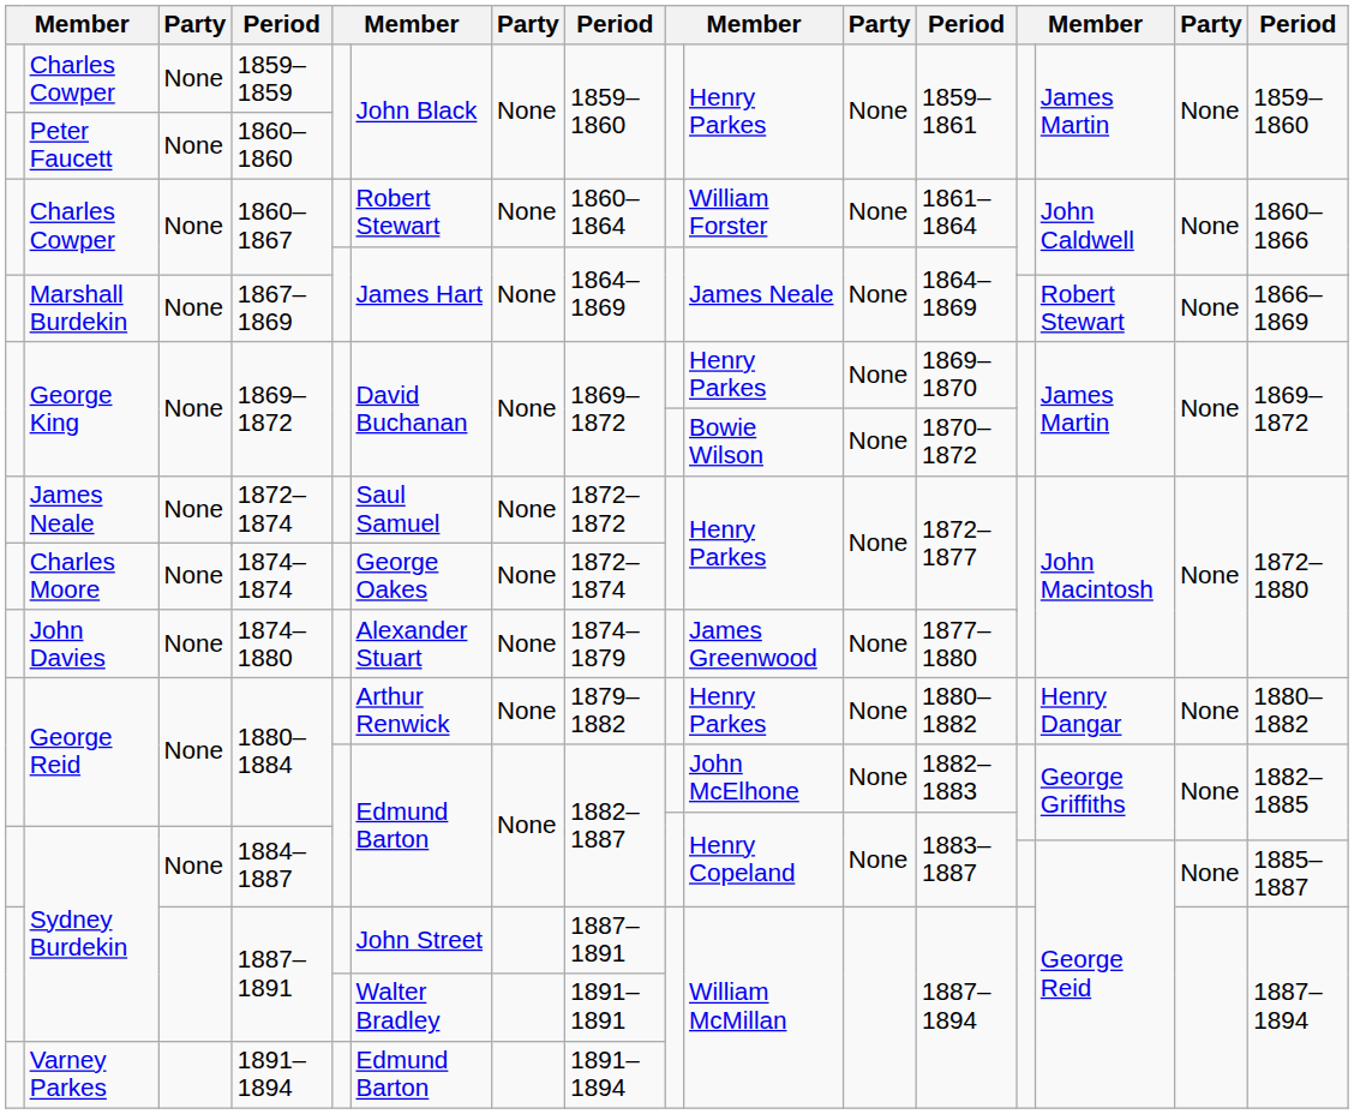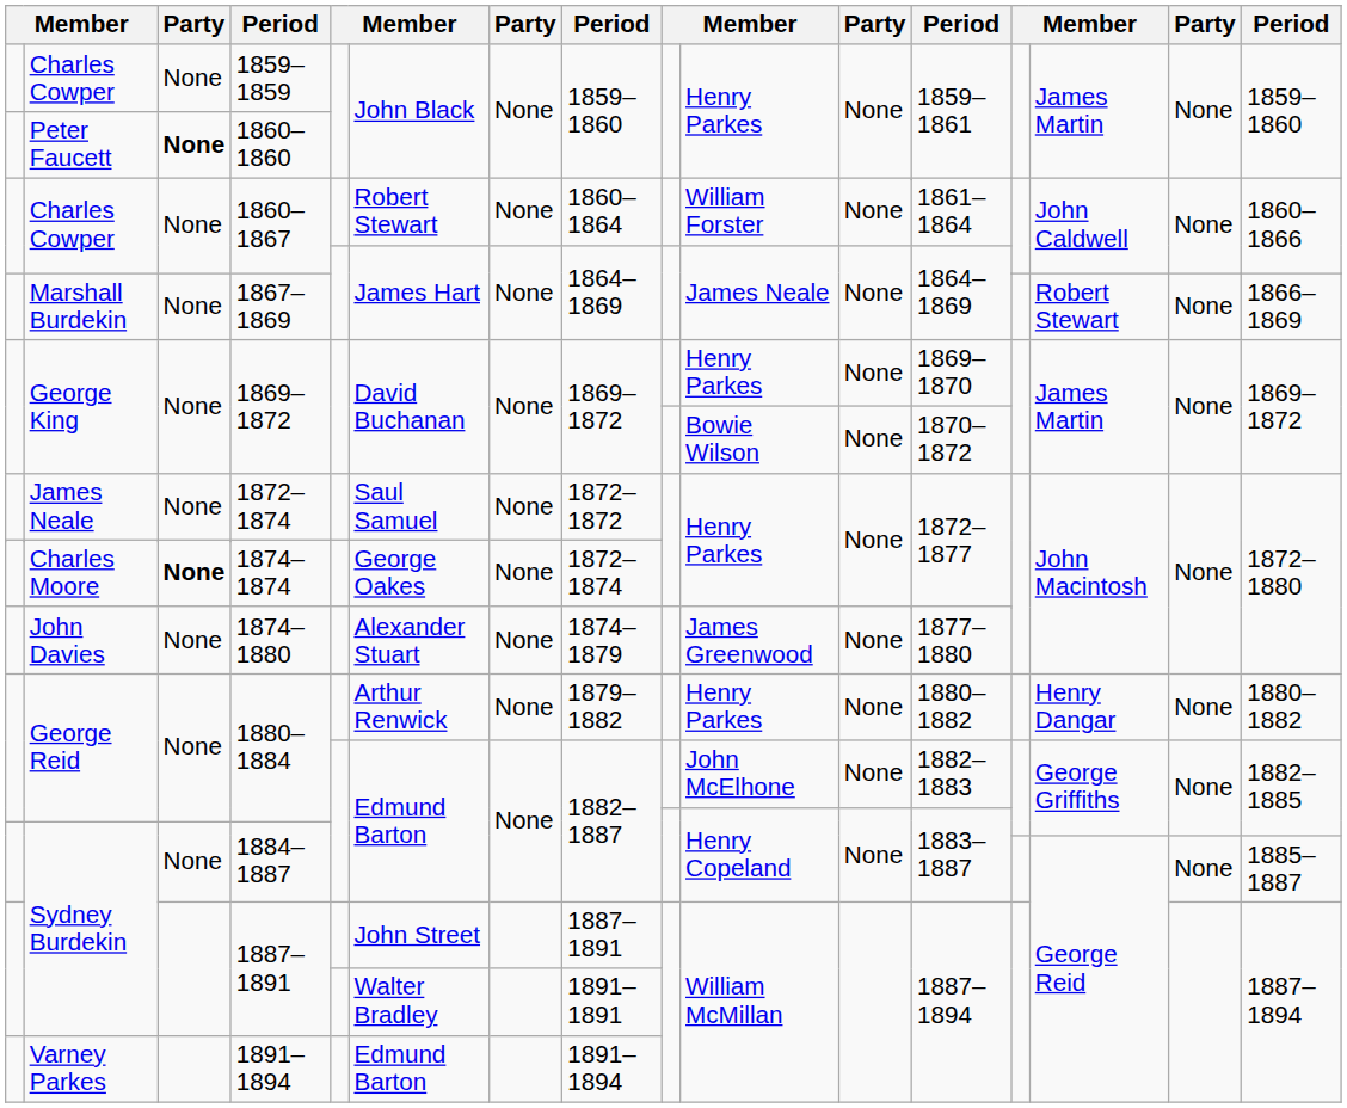 <table class="wikitable">
 <tr>
 <th colspan="2">Member</th>
 <th>Party</th>
 <th>Period</th>
 <th colspan="2">Member</th>
 <th>Party</th>
 <th>Period</th>
 <th colspan="2">Member</th>
 <th>Party</th>
 <th>Period</th>
 <th colspan="2">Member</th>
 <th>Party</th>
 <th>Period</th>
 </tr>
 <tr>
 <td> </td>
 <td><a href='#'>Charles Cowper</a></td>
 <td>None</td>
 <td>1859–1859</td>
 <td rowspan="2" > </td>
 <td rowspan="2"><a href='#'>John Black</a></td>
 <td rowspan="2">None</td>
 <td rowspan="2">1859–1860</td>
 <td rowspan="3" > </td>
 <td rowspan="3"><a href='#'>Henry Parkes</a></td>
 <td rowspan="3">None</td>
 <td rowspan="3">1859–1861</td>
 <td rowspan="2" > </td>
 <td rowspan="2"><a href='#'>James Martin</a></td>
 <td rowspan="2">None</td>
 <td rowspan="2">1859–1860</td>
 </tr>
 <tr>
 <td> </td>
 <td><a href='#'>Peter Faucett</a></td>
-<td>None</td>
+<td><strong>None</strong></td>
 <td>1860–1860</td>
 </tr>
 <tr>
 <td rowspan="4" > </td>
 <td rowspan="4"><a href='#'>Charles Cowper</a></td>
 <td rowspan="4">None</td>
 <td rowspan="4">1860–1867</td>
 <td rowspan="2" ><br> </td>
 <td rowspan="2"><a href='#'>Robert Stewart</a></td>
 <td rowspan="2">None</td>
 <td rowspan="2">1860–1864</td>
 <td rowspan="3" ><br><br> </td>
 <td rowspan="3"><a href='#'>John Caldwell</a></td>
 <td rowspan="3">None</td>
 <td rowspan="3">1860–1866</td>
 </tr>
 <tr>
 <td> </td>
 <td><a href='#'>William Forster</a></td>
 <td>None</td>
 <td>1861–1864</td>
 </tr>
 <tr>
 <td rowspan="3" ><br><br> </td>
 <td rowspan="3"><a href='#'>James Hart</a></td>
 <td rowspan="3">None</td>
 <td rowspan="3">1864–1869</td>
 <td rowspan="3" > </td>
 <td rowspan="3"><a href='#'>James Neale</a></td>
 <td rowspan="3">None</td>
 <td rowspan="3">1864–1869</td>
 </tr>
 <tr>
 <td rowspan="2" ><br> </td>
 <td rowspan="2"><a href='#'>Robert Stewart</a></td>
 <td rowspan="2">None</td>
 <td rowspan="2">1866–1869</td>
 </tr>
 <tr>
 <td> </td>
 <td><a href='#'>Marshall Burdekin</a></td>
 <td>None</td>
 <td>1867–1869</td>
 </tr>
 <tr>
 <td rowspan="2" > </td>
 <td rowspan="2"><a href='#'>George King</a></td>
 <td rowspan="2">None</td>
 <td rowspan="2">1869–1872</td>
 <td rowspan="2" > </td>
 <td rowspan="2"><a href='#'>David Buchanan</a></td>
 <td rowspan="2">None</td>
 <td rowspan="2">1869–1872</td>
 <td> </td>
 <td><a href='#'>Henry Parkes</a></td>
 <td>None</td>
 <td>1869–1870</td>
 <td rowspan="2" > </td>
 <td rowspan="2"><a href='#'>James Martin</a></td>
 <td rowspan="2">None</td>
 <td rowspan="2">1869–1872</td>
 </tr>
 <tr>
 <td> </td>
 <td><a href='#'>Bowie Wilson</a></td>
 <td>None</td>
 <td>1870–1872</td>
 </tr>
 <tr>
 <td rowspan="2" ><br> </td>
 <td rowspan="2"><a href='#'>James Neale</a></td>
 <td rowspan="2">None</td>
 <td rowspan="2">1872–1874</td>
 <td> </td>
 <td><a href='#'>Saul Samuel</a></td>
 <td>None</td>
 <td>1872–1872</td>
 <td rowspan="4" > </td>
 <td rowspan="4"><a href='#'>Henry Parkes</a></td>
 <td rowspan="4">None</td>
 <td rowspan="4">1872–1877</td>
 <td rowspan="6" > </td>
 <td rowspan="6"><a href='#'>John Macintosh</a></td>
 <td rowspan="6">None</td>
 <td rowspan="6">1872–1880</td>
 </tr>
 <tr>
 <td rowspan="2" > </td>
 <td rowspan="2"><a href='#'>George Oakes</a></td>
 <td rowspan="2">None</td>
 <td rowspan="2">1872–1874</td>
 </tr>
 <tr>
 <td> </td>
 <td><a href='#'>Charles Moore</a></td>
-<td>None</td>
+<td><strong>None</strong></td>
 <td>1874–1874</td>
 </tr>
 <tr>
 <td rowspan="3" > </td>
 <td rowspan="3"><a href='#'>John Davies</a></td>
 <td rowspan="3">None</td>
 <td rowspan="3">1874–1880</td>
 <td rowspan="2" ><br> </td>
 <td rowspan="2"><a href='#'>Alexander Stuart</a></td>
 <td rowspan="2">None</td>
 <td rowspan="2">1874–1879</td>
 </tr>
 <tr>
 <td rowspan="2" > </td>
 <td rowspan="2"><a href='#'>James Greenwood</a></td>
 <td rowspan="2">None</td>
 <td rowspan="2">1877–1880</td>
 </tr>
 <tr>
 <td rowspan="2" ><br> </td>
 <td rowspan="2"><a href='#'>Arthur Renwick</a></td>
 <td rowspan="2">None</td>
 <td rowspan="2">1879–1882</td>
 </tr>
 <tr>
 <td rowspan="3" > </td>
 <td rowspan="3"><a href='#'>George Reid</a></td>
 <td rowspan="3">None</td>
 <td rowspan="3">1880–1884</td>
 <td> </td>
 <td><a href='#'>Henry Parkes</a></td>
 <td>None</td>
 <td>1880–1882</td>
 <td> </td>
 <td><a href='#'>Henry Dangar</a></td>
 <td>None</td>
 <td>1880–1882</td>
 </tr>
 <tr>
 <td rowspan="4" > </td>
 <td rowspan="4"><a href='#'>Edmund Barton</a></td>
 <td rowspan="4">None</td>
 <td rowspan="4">1882–1887</td>
 <td> </td>
 <td><a href='#'>John McElhone</a></td>
 <td>None</td>
 <td>1882–1883</td>
 <td rowspan="3" ><br><br> </td>
 <td rowspan="3"><a href='#'>George Griffiths</a></td>
 <td rowspan="3">None</td>
 <td rowspan="3">1882–1885</td>
 </tr>
 <tr>
 <td rowspan="3" > </td>
 <td rowspan="3"><a href='#'>Henry Copeland</a></td>
 <td rowspan="3">None</td>
 <td rowspan="3">1883–1887</td>
 </tr>
 <tr>
 <td rowspan="2" > </td>
 <td rowspan="4"><a href='#'>Sydney Burdekin</a></td>
 <td rowspan="2">None</td>
 <td rowspan="2">1884–1887</td>
 </tr>
 <tr>
 <td> </td>
 <td rowspan="4"><a href='#'>George Reid</a></td>
 <td>None</td>
 <td>1885–1887</td>
 </tr>
 <tr>
 <td rowspan="2" > </td>
 <td rowspan="2"></td>
 <td rowspan="2">1887–1891</td>
 <td> </td>
 <td><a href='#'>John Street</a></td>
 <td></td>
 <td>1887–1891</td>
 <td rowspan="3" > </td>
 <td rowspan="3"><a href='#'>William McMillan</a></td>
 <td rowspan="3"></td>
 <td rowspan="3">1887–1894</td>
 <td rowspan="3" > </td>
 <td rowspan="3"></td>
 <td rowspan="3">1887–1894</td>
 </tr>
 <tr>
 <td> </td>
 <td><a href='#'>Walter Bradley</a></td>
 <td></td>
 <td>1891–1891</td>
 </tr>
 <tr>
 <td> </td>
 <td><a href='#'>Varney Parkes</a></td>
 <td></td>
 <td>1891–1894</td>
 <td> </td>
 <td><a href='#'>Edmund Barton</a></td>
 <td></td>
 <td>1891–1894</td>
 </tr>
 </table>
